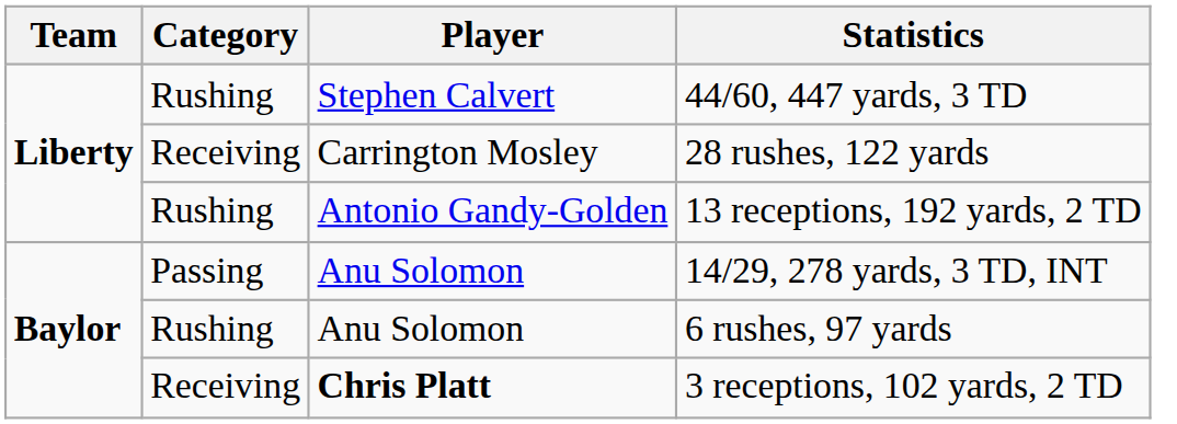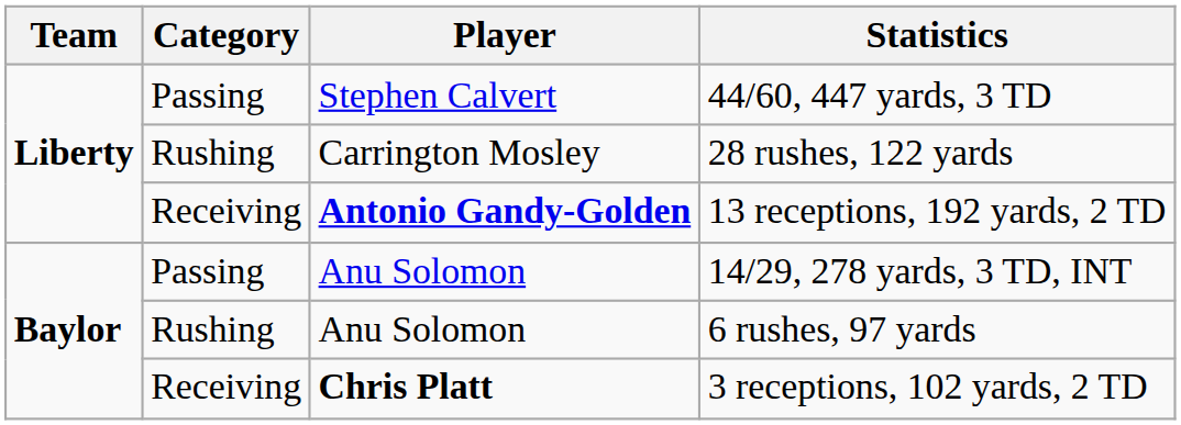 <table class="wikitable" style="float: left;">
 <tr>
 <th>Team</th>
 <th>Category</th>
 <th>Player</th>
 <th>Statistics</th>
 </tr>
 <tr>
 <td rowspan=3><strong>Liberty</strong></td>
-<td>Rushing</td>
+<td>Passing</td>
 <td><a href='#'>Stephen Calvert</a></td>
 <td>44/60, 447 yards, 3 TD</td>
 </tr>
 <tr>
-<td>Receiving</td>
+<td>Rushing</td>
 <td>Carrington Mosley</td>
 <td>28 rushes, 122 yards</td>
 </tr>
 <tr>
-<td>Rushing</td>
-<td><a href='#'>Antonio Gandy-Golden</a></td>
+<td>Receiving</td>
+<td><strong><a href='#'>Antonio Gandy-Golden</a></strong></td>
 <td>13 receptions, 192 yards, 2 TD</td>
 </tr>
 <tr>
 <td rowspan=3><strong>Baylor</strong></td>
 <td>Passing</td>
 <td><a href='#'>Anu Solomon</a></td>
 <td>14/29, 278 yards, 3 TD, INT</td>
 </tr>
 <tr>
 <td>Rushing</td>
 <td>Anu Solomon</td>
 <td>6 rushes, 97 yards</td>
 </tr>
 <tr>
 <td>Receiving</td>
 <td><strong>Chris Platt</strong></td>
 <td>3 receptions, 102 yards, 2 TD</td>
 </tr>
 </table>
